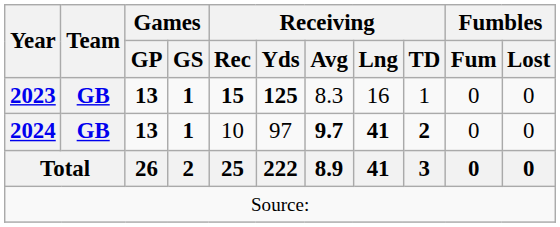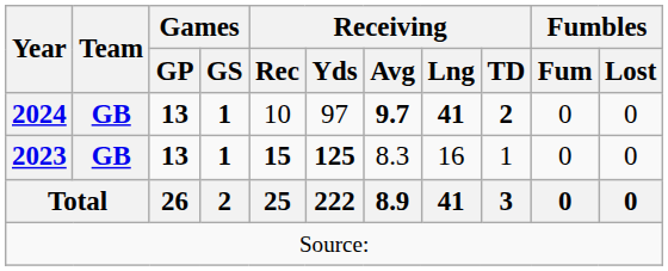 <table class="wikitable" style="text-align: center;">
 <tr>
 <th rowspan="2">Year</th>
 <th rowspan="2">Team</th>
 <th colspan="2">Games</th>
 <th colspan="5">Receiving</th>
 <th colspan="2">Fumbles</th>
 </tr>
 <tr>
 <th>GP</th>
 <th>GS</th>
 <th>Rec</th>
 <th>Yds</th>
 <th>Avg</th>
 <th>Lng</th>
 <th>TD</th>
 <th>Fum</th>
 <th>Lost</th>
 </tr>
 <tr>
+<th><a href='#'>2024</a></th>
+<th><a href='#'>GB</a></th>
+<td><strong>13</strong></td>
+<td><strong>1</strong></td>
+<td>10</td>
+<td>97</td>
+<td><strong>9.7</strong></td>
+<td><strong>41</strong></td>
+<td><strong>2</strong></td>
+<td>0</td>
+<td>0</td>
+</tr>
+<tr>
 <th><a href='#'>2023</a></th>
 <th><a href='#'>GB</a></th>
 <td><strong>13</strong></td>
 <td><strong>1</strong></td>
 <td><strong>15</strong></td>
 <td><strong>125</strong></td>
 <td>8.3</td>
 <td>16</td>
 <td>1</td>
-<td>0</td>
-<td>0</td>
-</tr>
-<tr>
-<th><a href='#'>2024</a></th>
-<th><a href='#'>GB</a></th>
-<td><strong>13</strong></td>
-<td><strong>1</strong></td>
-<td>10</td>
-<td>97</td>
-<td><strong>9.7</strong></td>
-<td><strong>41</strong></td>
-<td><strong>2</strong></td>
 <td>0</td>
 <td>0</td>
 </tr>
 <tr>
 <th colspan="2">Total</th>
 <th>26</th>
 <th>2</th>
 <th>25</th>
 <th>222</th>
 <th>8.9</th>
 <th>41</th>
 <th>3</th>
 <th>0</th>
 <th>0</th>
 </tr>
 <tr>
 <td colspan="11"><small>Source: </small></td>
 </tr>
 </table>
